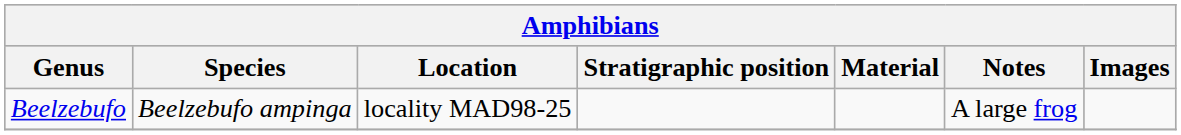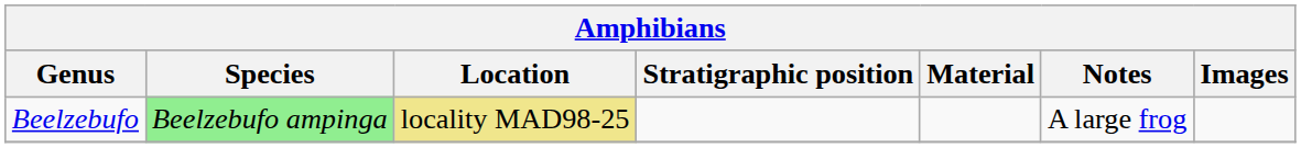 <table class="wikitable" align="center">
 <tr>
 <th colspan="7" align="center"><a href='#'>Amphibians</a></th>
 </tr>
 <tr>
 <th>Genus</th>
 <th>Species</th>
 <th>Location</th>
 <th>Stratigraphic position</th>
 <th>Material</th>
 <th>Notes</th>
 <th>Images</th>
 </tr>
 <tr>
 <td><em><a href='#'>Beelzebufo</a></em></td>
-<td><em>Beelzebufo ampinga</em></td>
-<td>locality MAD98-25</td>
+<td style="background: lightgreen;"><em>Beelzebufo ampinga</em></td>
+<td style="background: khaki;">locality MAD98-25</td>
 <td></td>
 <td></td>
 <td>A large <a href='#'>frog</a></td>
 <td></td>
 </tr>
 <tr>
 </tr>
 </table>
